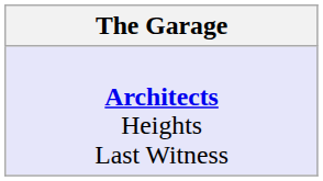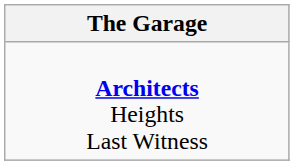 <table class="wikitable">
 <tr>
 <th>The Garage</th>
 </tr>
 <tr>
-<td valign="top" align="center" width=185 style="background: lavender;"><br><strong><a href='#'>Architects</a></strong> <br>Heights <br>Last Witness</td>
+<td valign="top" align="center" width=185><br><strong><a href='#'>Architects</a></strong> <br>Heights <br>Last Witness</td>
 </tr>
 </table>
